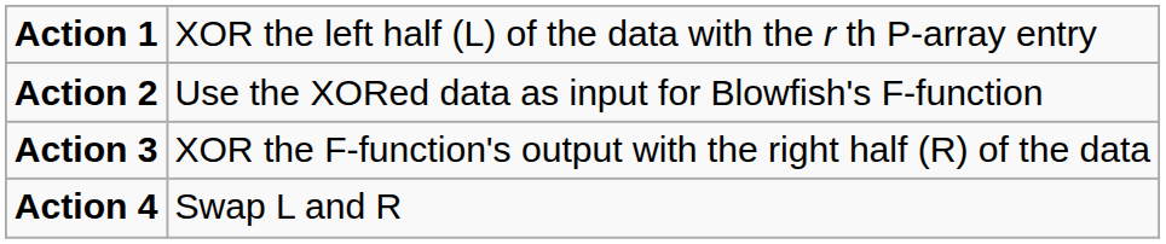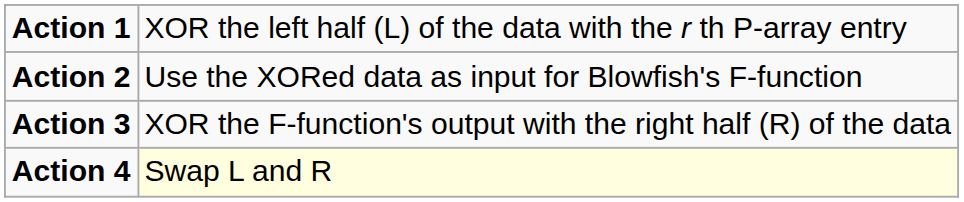 <table class="wikitable">
 <tr>
 <td><strong>Action 1</strong></td>
 <td>XOR the left half (L) of the data with the <em>r</em> th P-array entry</td>
 </tr>
 <tr>
 <td><strong>Action 2</strong></td>
 <td>Use the XORed data as input for Blowfish's F-function</td>
 </tr>
 <tr>
 <td><strong>Action 3</strong></td>
 <td>XOR the F-function's output with the right half (R) of the data</td>
 </tr>
 <tr>
 <td><strong>Action 4</strong></td>
-<td>Swap L and R</td>
+<td style="background: lightyellow;">Swap L and R</td>
 </tr>
 </table>
